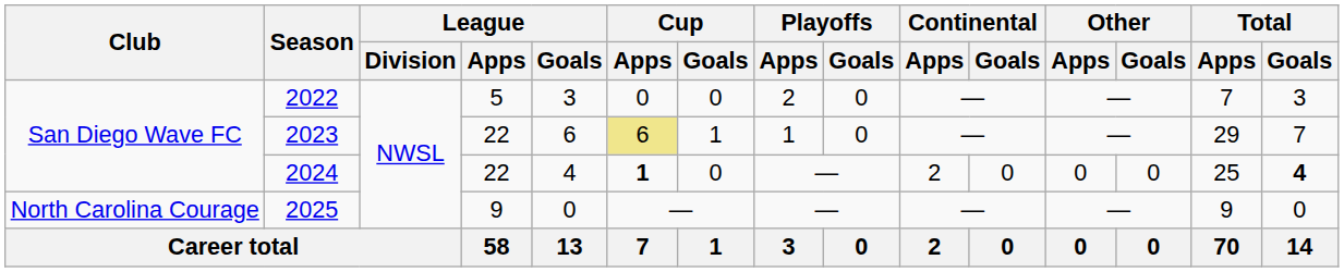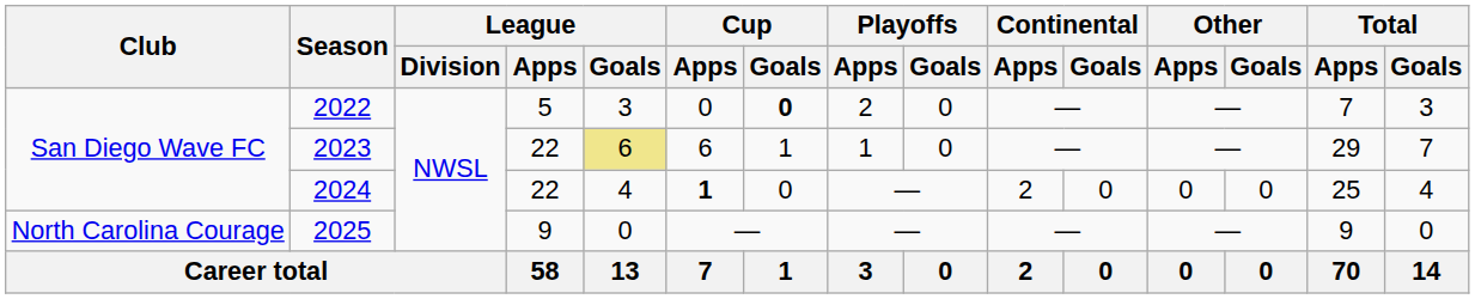 <table class="wikitable" style="text-align:center">
 <tr>
 <th rowspan="2">Club</th>
 <th rowspan="2">Season</th>
 <th colspan="3">League</th>
 <th colspan="2">Cup</th>
 <th colspan="2">Playoffs</th>
 <th colspan="2">Continental</th>
 <th colspan="2">Other</th>
 <th colspan="2">Total</th>
 </tr>
 <tr>
 <th>Division</th>
 <th>Apps</th>
 <th>Goals</th>
 <th>Apps</th>
 <th>Goals</th>
 <th>Apps</th>
 <th>Goals</th>
 <th>Apps</th>
 <th>Goals</th>
 <th>Apps</th>
 <th>Goals</th>
 <th>Apps</th>
 <th>Goals</th>
 </tr>
 <tr>
 <td rowspan="3"><a href='#'>San Diego Wave FC</a></td>
 <td><a href='#'>2022</a></td>
 <td rowspan="4"><a href='#'>NWSL</a></td>
 <td>5</td>
 <td>3</td>
 <td>0</td>
-<td>0</td>
+<td><strong>0</strong></td>
 <td>2</td>
 <td>0</td>
 <td colspan="2">—</td>
 <td colspan="2">—</td>
 <td>7</td>
 <td>3</td>
 </tr>
 <tr>
 <td><a href='#'>2023</a></td>
 <td>22</td>
+<td style="background: khaki;">6</td>
 <td>6</td>
-<td style="background: khaki;">6</td>
 <td>1</td>
 <td>1</td>
 <td>0</td>
 <td colspan="2">—</td>
 <td colspan="2">—</td>
 <td>29</td>
 <td>7</td>
 </tr>
 <tr>
 <td><a href='#'>2024</a></td>
 <td>22</td>
 <td>4</td>
 <td><strong>1</strong></td>
 <td>0</td>
 <td colspan="2">—</td>
 <td>2</td>
 <td>0</td>
 <td>0</td>
 <td>0</td>
 <td>25</td>
-<td><strong>4</strong></td>
+<td>4</td>
 </tr>
 <tr>
 <td><a href='#'>North Carolina Courage</a></td>
 <td><a href='#'>2025</a></td>
 <td>9</td>
 <td>0</td>
 <td colspan="2">—</td>
 <td colspan="2">—</td>
 <td colspan="2">—</td>
 <td colspan="2">—</td>
 <td>9</td>
 <td>0</td>
 </tr>
 <tr>
 <th colspan="3">Career total</th>
 <th>58</th>
 <th>13</th>
 <th>7</th>
 <th>1</th>
 <th>3</th>
 <th>0</th>
 <th>2</th>
 <th>0</th>
 <th>0</th>
 <th>0</th>
 <th>70</th>
 <th>14</th>
 </tr>
 </table>
